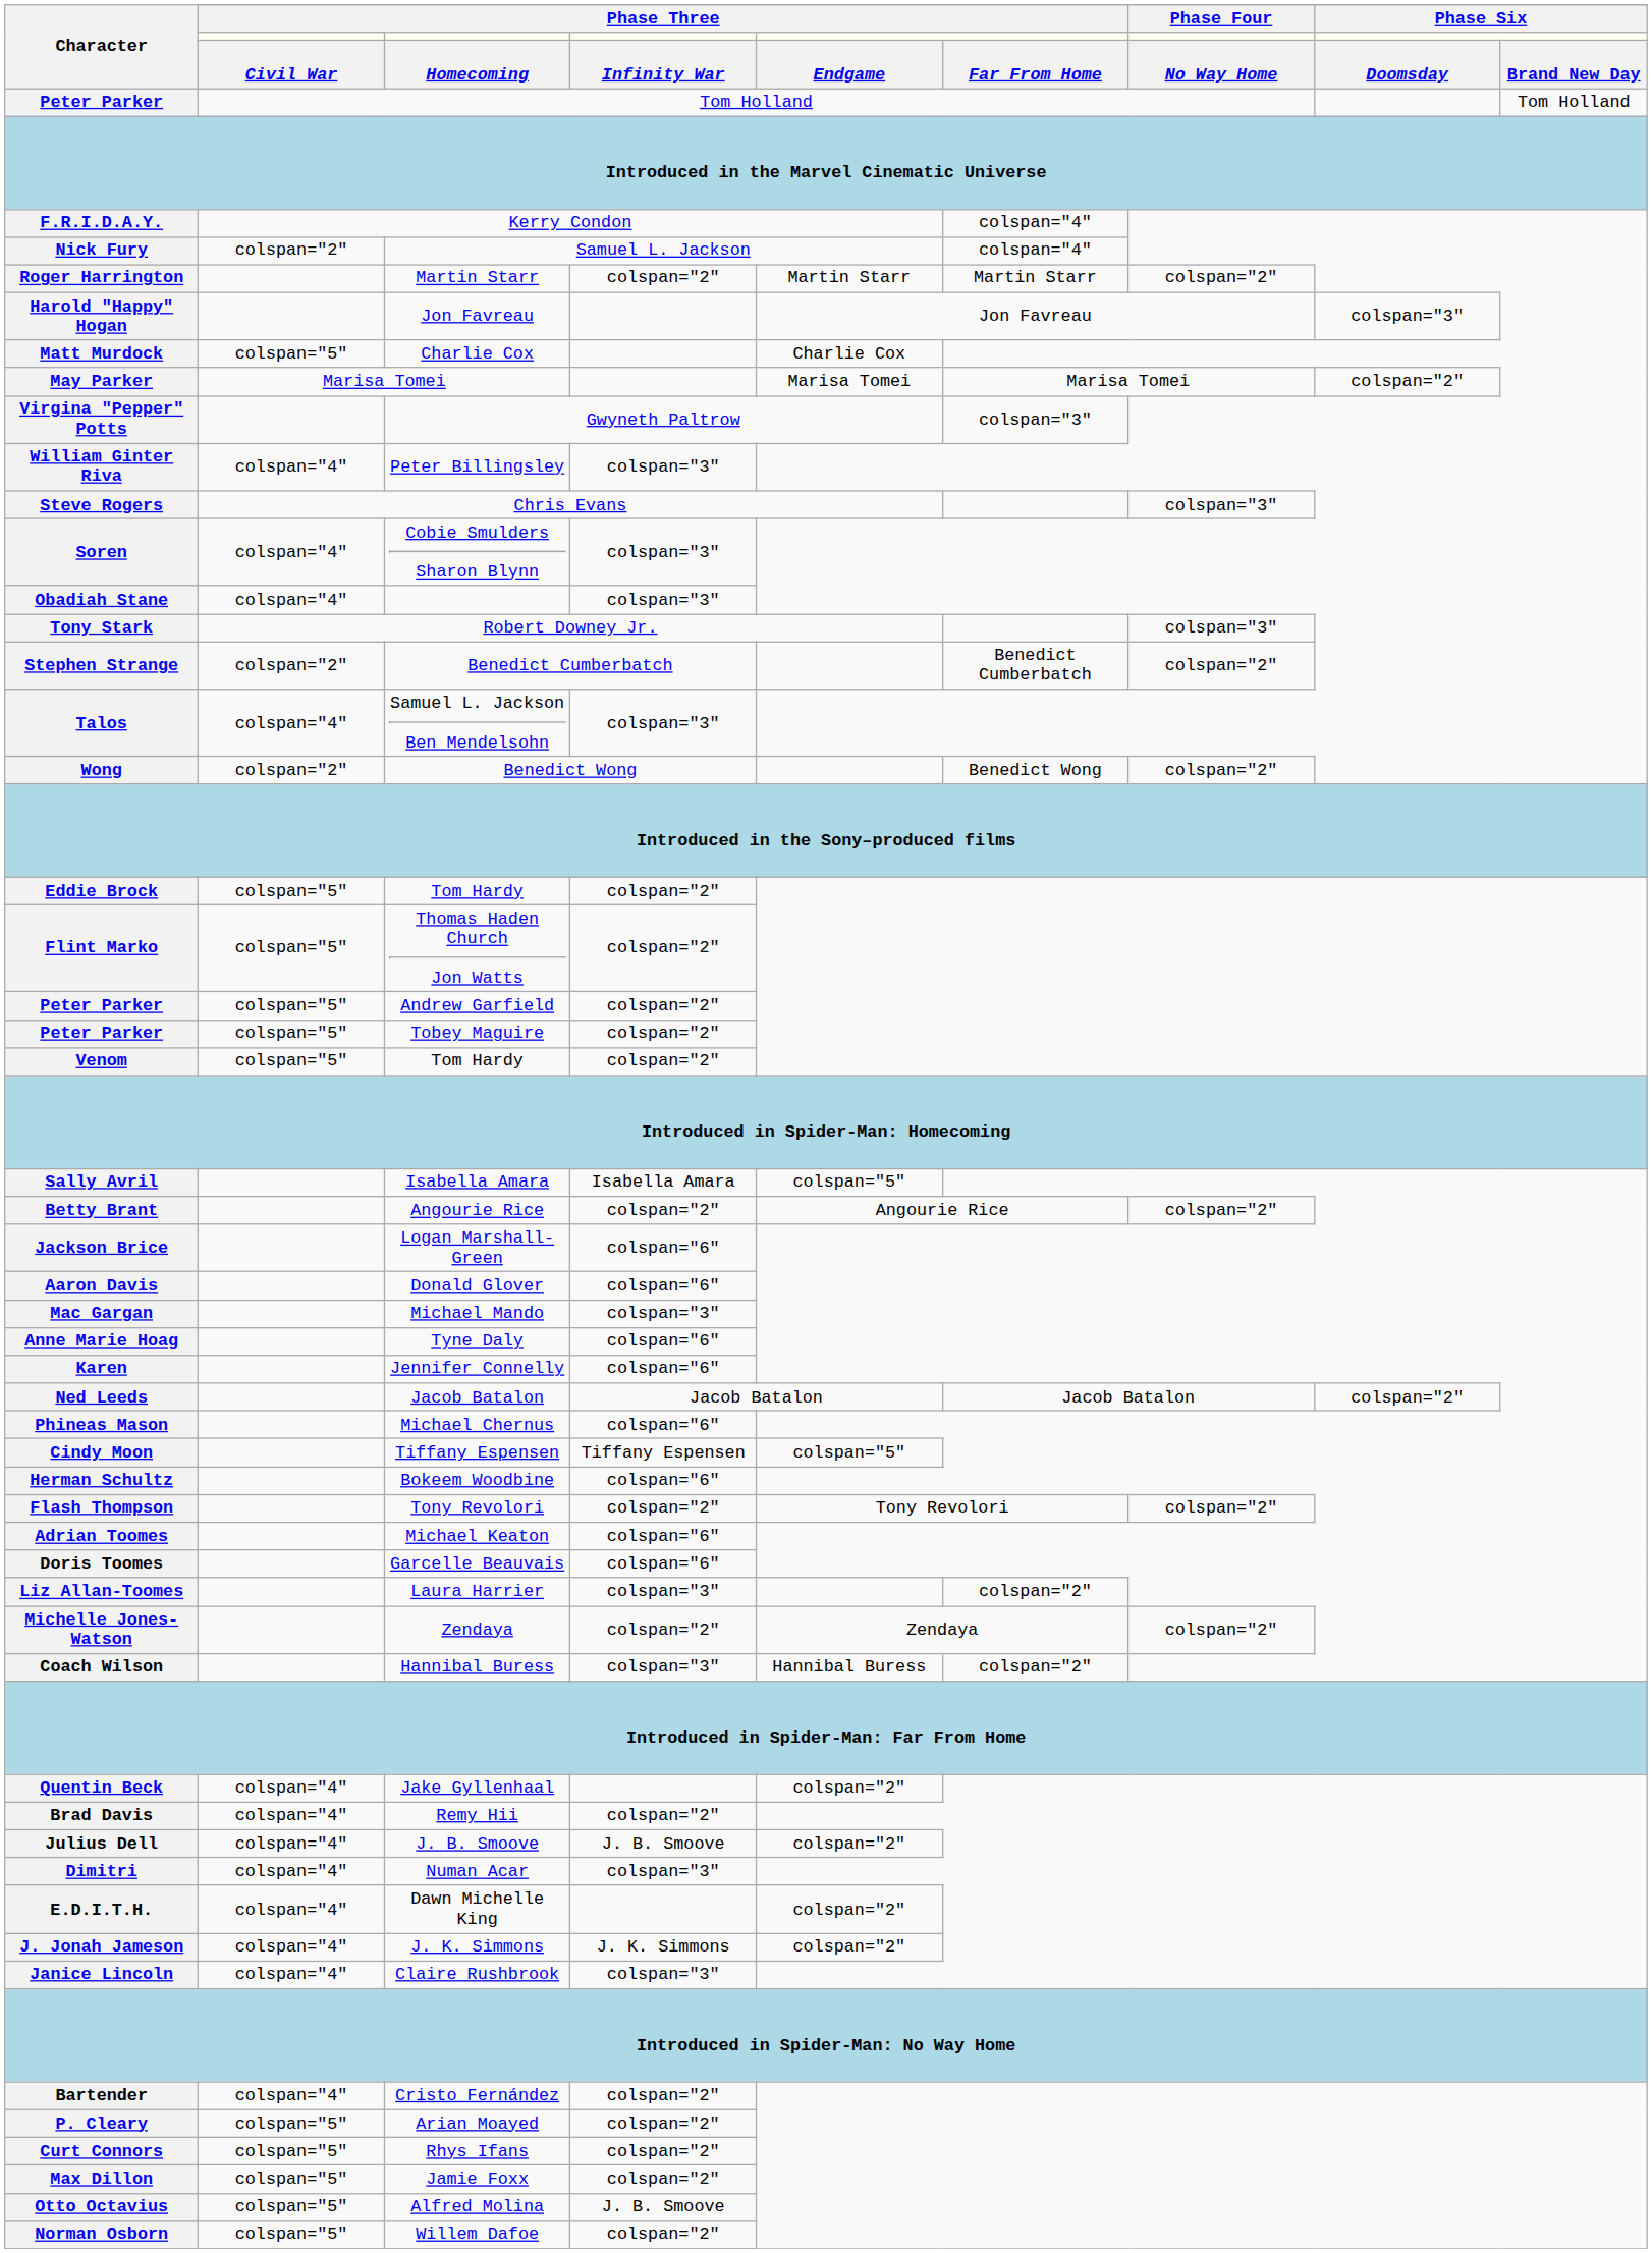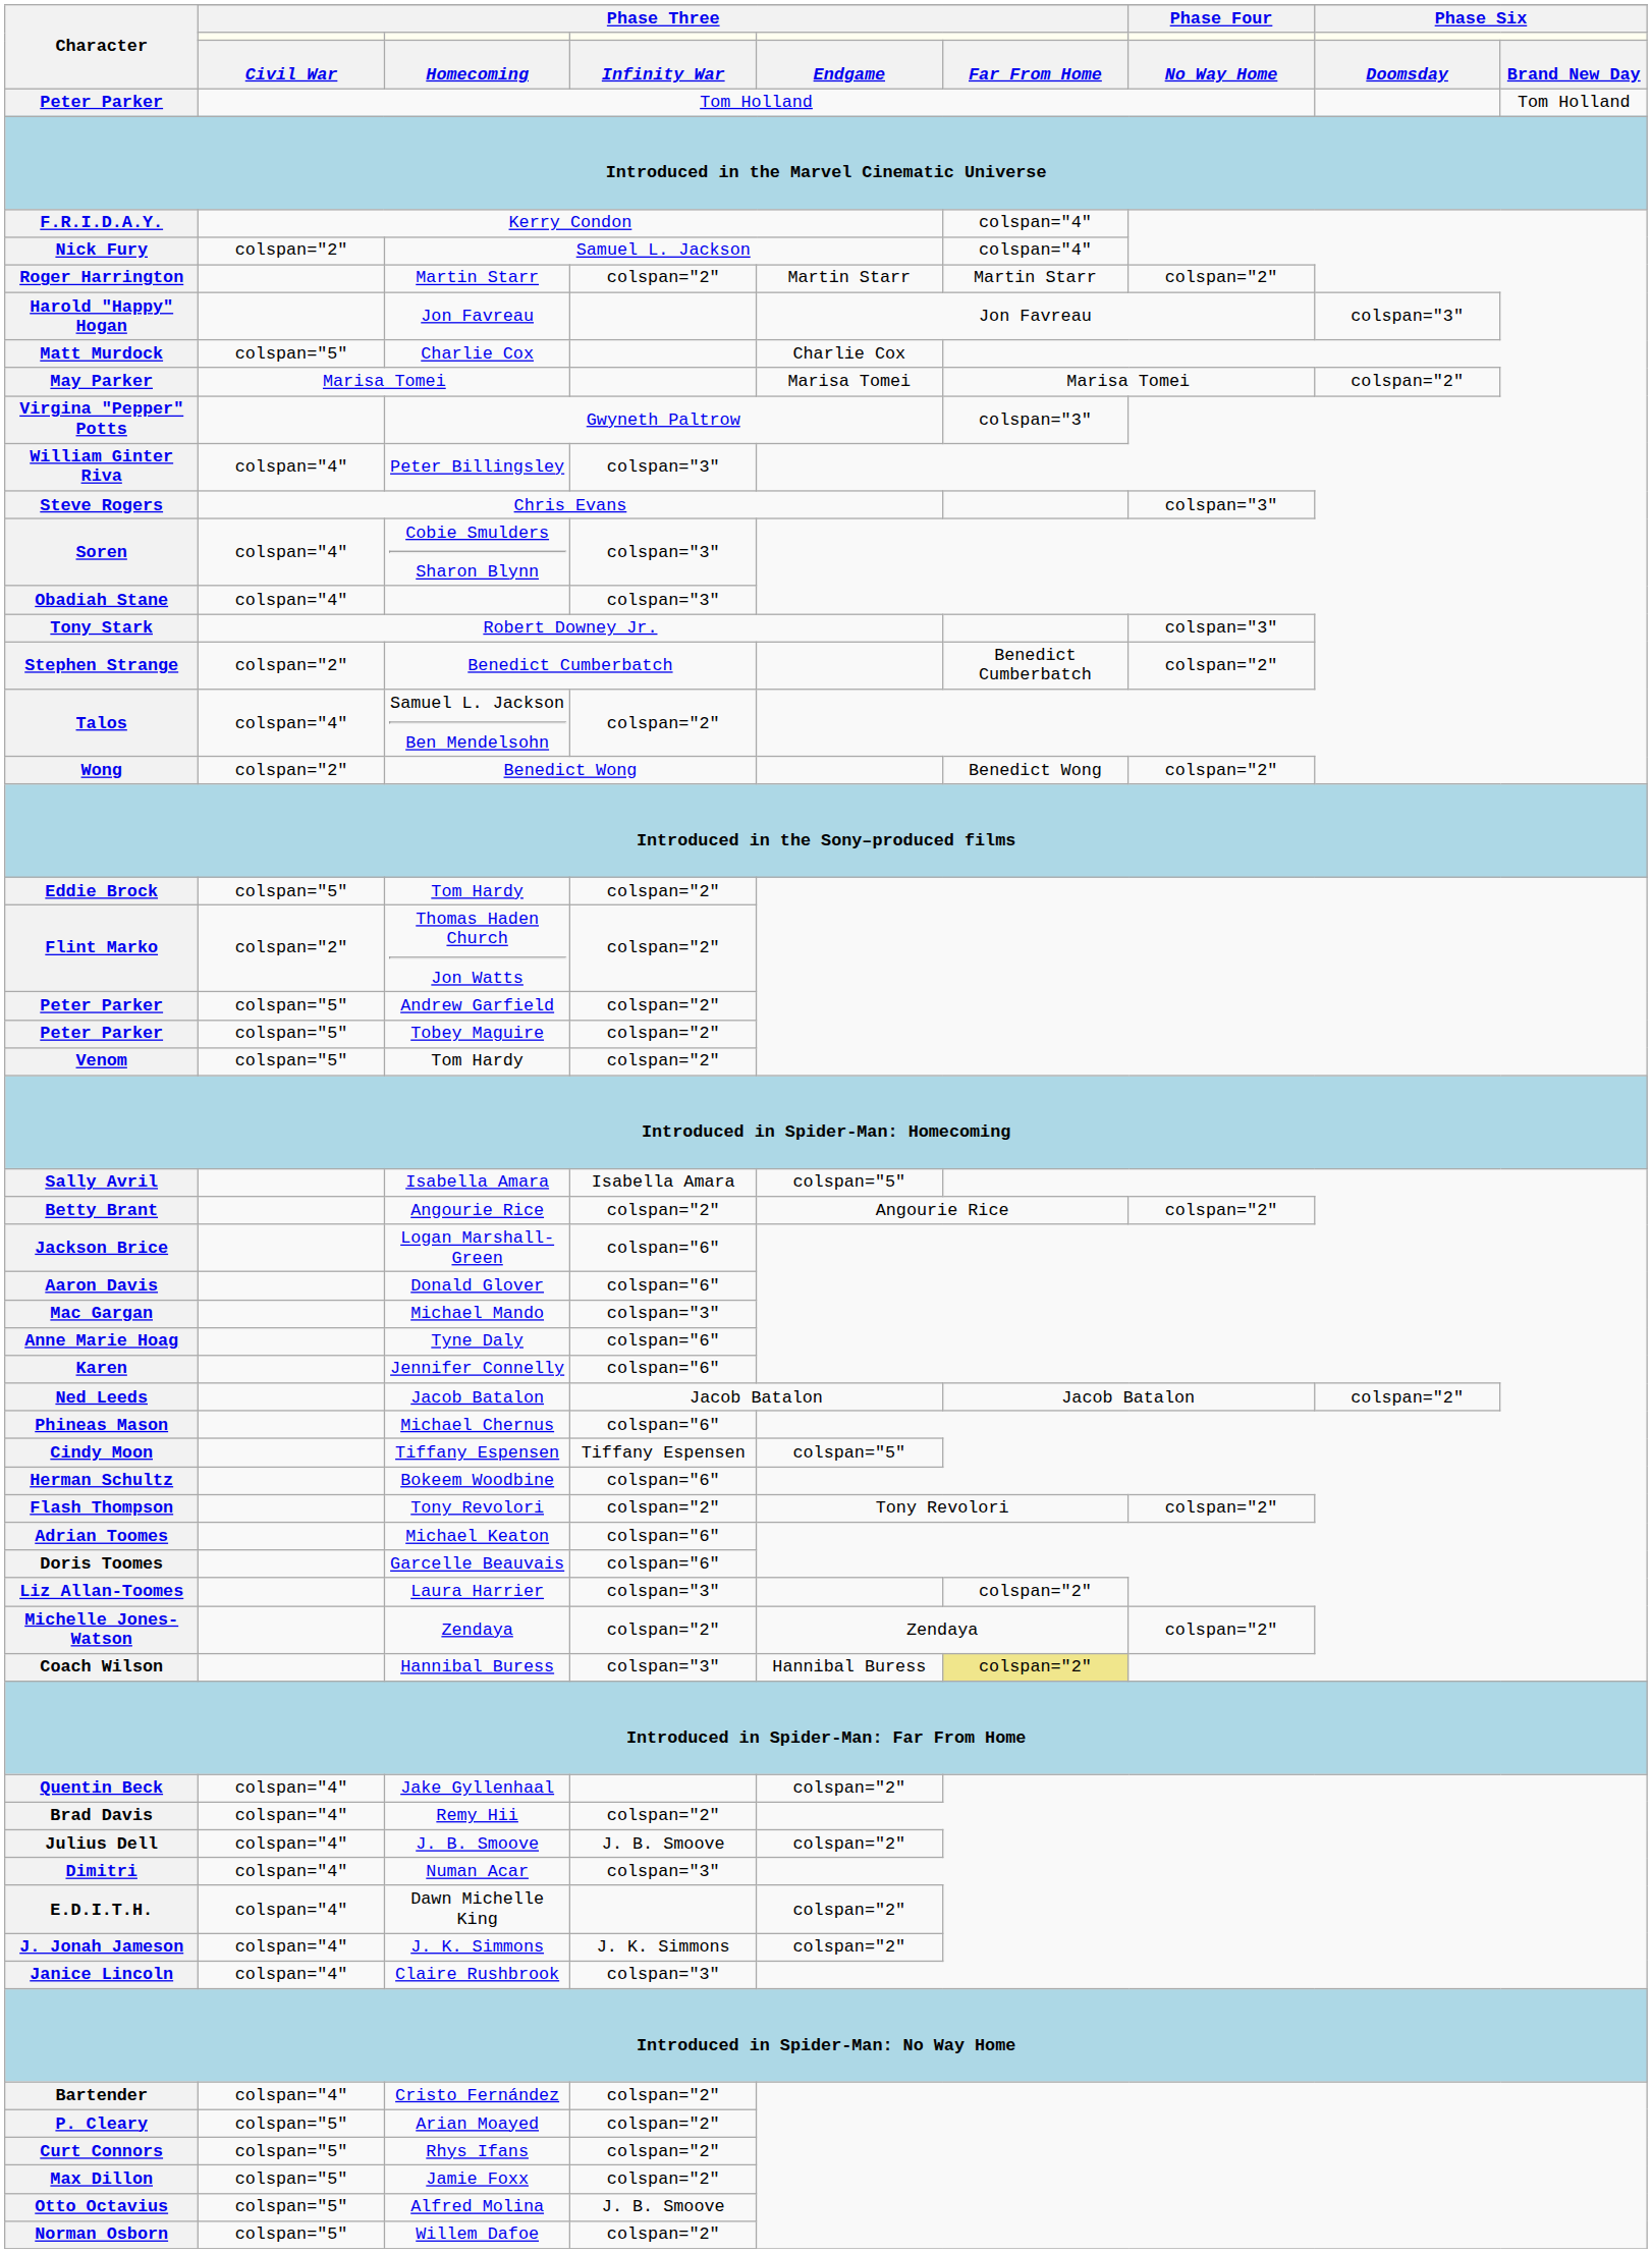 <table class="wikitable" style="text-align:center; width:99%;">
 <tr>
 <th rowspan="4" width="4.8%">Character</th>
 </tr>
 <tr>
 <th colspan="5" align="center"><a href='#'>Phase Three</a></th>
 <th colspan="1" align="center"><a href='#'>Phase Four</a></th>
 <th colspan="2" align="center"><a href='#'>Phase Six</a></th>
 </tr>
 <tr>
 <th style="background:ivory;"></th>
 <th style="background:ivory;"></th>
 <th style="background:ivory;"></th>
 <th colspan="2" style="background:ivory;"></th>
 <th style="background:ivory;"></th>
 <th colspan="2" style="background:ivory;"></th>
 </tr>
 <tr>
 <th align="center" width="5%"><a href='#'><em><br>Civil War</em></a></th>
 <th align="center" width="5%"><a href='#'><em><br>Homecoming</em></a></th>
 <th align="center" width="5%"><a href='#'><em><br>Infinity War</em></a></th>
 <th align="center" width="5%"><a href='#'><em><br>Endgame</em></a></th>
 <th align="center" width="5%"><a href='#'><em><br>Far From Home</em></a></th>
 <th align="center" width="5%"><a href='#'><em><br>No Way Home</em></a></th>
 <th align="center" width="5%"><a href='#'><em><br>Doomsday</em></a></th>
 <th align="center" width="5%"><a href='#'><em><br></em>Brand New Day<em></a></th>
 </tr>
 <tr>
 <th scope="row"><a href='#'>Peter Parker<br></a></th>
 <td colspan="6"><a href='#'>Tom Holland</a></td>
 <td></td>
 <td>Tom Holland</td>
 </tr>
 <tr>
 <th colspan="9" style="background:lightblue;"><br><h4>Introduced in the Marvel Cinematic Universe</h4></th>
 </tr>
 <tr>
 <th scope="row"><a href='#'>F.R.I.D.A.Y.</a></th>
 <td colspan="4"><a href='#'>Kerry Condon</a></td>
 <td>colspan="4" </td>
 </tr>
 <tr>
 <th scope="row"><a href='#'>Nick Fury</a></th>
 <td>colspan="2" </td>
 <td colspan="3"><a href='#'>Samuel L. Jackson</a></td>
 <td>colspan="4" </td>
 </tr>
 <tr>
 <th scope="row"><a href='#'>Roger Harrington</a></th>
 <td></td>
 <td><a href='#'>Martin Starr</a></td>
 <td>colspan="2" </td>
 <td>Martin Starr</td>
 <td>Martin Starr</td>
 <td>colspan="2" </td>
 </tr>
 <tr>
 <th scope="row"><a href='#'>Harold "Happy" Hogan</a></th>
 <td></td>
 <td><a href='#'>Jon Favreau</a></td>
 <td></td>
 <td colspan="3">Jon Favreau</td>
 <td>colspan="3" </td>
 </tr>
 <tr>
 <th scope="row"><a href='#'>Matt Murdock</a></th>
 <td>colspan="5" </td>
 <td><a href='#'>Charlie Cox</a></td>
 <td></td>
 <td>Charlie Cox</td>
 </tr>
 <tr>
 <th scope="row"><a href='#'>May Parker</a></th>
 <td colspan="2"><a href='#'>Marisa Tomei</a></td>
 <td></td>
 <td>Marisa Tomei</td>
 <td colspan="2">Marisa Tomei</td>
 <td>colspan="2" </td>
 </tr>
 <tr>
 <th scope="row"><a href='#'>Virgina "Pepper" Potts</a></th>
 <td></td>
 <td colspan="3"><a href='#'>Gwyneth Paltrow</a></td>
 <td>colspan="3" </td>
 </tr>
 <tr>
 <th scope="row"><a href='#'>William Ginter Riva</a></th>
 <td>colspan="4" </td>
 <td><a href='#'>Peter Billingsley</a></td>
 <td>colspan="3" </td>
 </tr>
 <tr>
 <th scope="row"><a href='#'>Steve Rogers<br></a></th>
 <td colspan="4"><a href='#'>Chris Evans</a></td>
 <td></td>
 <td>colspan="3" </td>
 </tr>
 <tr>
 <th scope="row"><a href='#'>Soren</a><br></th>
 <td>colspan="4" </td>
 <td><a href='#'>Cobie Smulders</a><hr><a href='#'>Sharon Blynn</a></td>
 <td>colspan="3" </td>
 </tr>
 <tr>
 <th scope="row"><a href='#'>Obadiah Stane</a></th>
 <td>colspan="4" </td>
 <td></td>
 <td>colspan="3" </td>
 </tr>
 <tr>
 <th scope="row"><a href='#'>Tony Stark<br></a></th>
 <td colspan="4"><a href='#'>Robert Downey Jr.</a></td>
 <td></td>
 <td>colspan="3" </td>
 </tr>
 <tr>
 <th scope="row"><a href='#'>Stephen Strange</a></th>
 <td>colspan="2" </td>
 <td colspan="2"><a href='#'>Benedict Cumberbatch</a></td>
 <td></td>
 <td>Benedict Cumberbatch</td>
 <td>colspan="2" </td>
 </tr>
 <tr>
 <th scope="row"><a href='#'>Talos<br></a></th>
 <td>colspan="4" </td>
 <td>Samuel L. Jackson<hr><a href='#'>Ben Mendelsohn</a></td>
-<td>colspan="3" </td>
+<td>colspan="2" </td>
 </tr>
 <tr>
 <th scope="row"><a href='#'>Wong</a></th>
 <td>colspan="2" </td>
 <td colspan="2"><a href='#'>Benedict Wong</a></td>
 <td></td>
 <td>Benedict Wong</td>
 <td>colspan="2" </td>
 </tr>
 <tr>
 <th colspan="9" style="background:lightblue;"><br><h4>Introduced in the Sony–produced films</h4></th>
 </tr>
 <tr>
 <th scope="row"><a href='#'>Eddie Brock</a></th>
 <td>colspan="5" </td>
 <td><a href='#'>Tom Hardy</a></td>
 <td>colspan="2" </td>
 </tr>
 <tr>
 <th scope="row"><a href='#'>Flint Marko<br></a></th>
-<td>colspan="5" </td>
+<td>colspan="2" </td>
 <td><a href='#'>Thomas Haden Church</a><hr><a href='#'>Jon Watts</a></td>
 <td>colspan="2" </td>
 </tr>
 <tr>
 <th scope="row"><a href='#'>Peter Parker<br></a></th>
 <td>colspan="5" </td>
 <td><a href='#'>Andrew Garfield</a></td>
 <td>colspan="2" </td>
 </tr>
 <tr>
 <th scope="row"><a href='#'>Peter Parker<br></a></th>
 <td>colspan="5" </td>
 <td><a href='#'>Tobey Maguire</a></td>
 <td>colspan="2" </td>
 </tr>
 <tr>
 <th scope="row"><a href='#'>Venom</a></th>
 <td>colspan="5" </td>
 <td>Tom Hardy</td>
 <td>colspan="2" </td>
 </tr>
 <tr>
 <th colspan="9" style="background:lightblue;"><br><h4>Introduced in </em>Spider-Man: Homecoming<em></h4></th>
 </tr>
 <tr>
 <th><a href='#'>Sally Avril</a></th>
 <td></td>
 <td><a href='#'>Isabella Amara</a></td>
 <td>Isabella Amara</td>
 <td>colspan="5" </td>
 </tr>
 <tr>
 <th><a href='#'>Betty Brant</a></th>
 <td></td>
 <td><a href='#'>Angourie Rice</a></td>
 <td>colspan="2" </td>
 <td colspan="2">Angourie Rice</td>
 <td>colspan="2" </td>
 </tr>
 <tr>
 <th><a href='#'>Jackson Brice<br></a></th>
 <td></td>
 <td><a href='#'>Logan Marshall-Green</a></td>
 <td>colspan="6" </td>
 </tr>
 <tr>
 <th scope="row"><a href='#'>Aaron Davis</a></th>
 <td></td>
 <td><a href='#'>Donald Glover</a></td>
 <td>colspan="6" </td>
 </tr>
 <tr>
 <th scope="row"><a href='#'>Mac Gargan</a></th>
 <td></td>
 <td><a href='#'>Michael Mando</a></td>
 <td>colspan="3" </td>
 </tr>
 <tr>
 <th scope="row"><a href='#'>Anne Marie Hoag</a></th>
 <td></td>
 <td><a href='#'>Tyne Daly</a></td>
 <td>colspan="6" </td>
 </tr>
 <tr>
 <th scope="row"><a href='#'>Karen</a></th>
 <td></td>
 <td><a href='#'>Jennifer Connelly</a></td>
 <td>colspan="6" </td>
 </tr>
 <tr>
 <th scope="row"><a href='#'>Ned Leeds</a></th>
 <td></td>
 <td><a href='#'>Jacob Batalon</a></td>
 <td colspan="2">Jacob Batalon</td>
 <td colspan="2">Jacob Batalon</td>
 <td>colspan="2" </td>
 </tr>
 <tr>
 <th scope="row"><a href='#'>Phineas Mason</a></th>
 <td></td>
 <td><a href='#'>Michael Chernus</a></td>
 <td>colspan="6" </td>
 </tr>
 <tr>
 <th scope="row"><a href='#'>Cindy Moon</a></th>
 <td></td>
 <td><a href='#'>Tiffany Espensen</a></td>
 <td>Tiffany Espensen</td>
 <td>colspan="5" </td>
 </tr>
 <tr>
 <th scope="row"><a href='#'>Herman Schultz<br></a></th>
 <td></td>
 <td><a href='#'>Bokeem Woodbine</a></td>
 <td>colspan="6" </td>
 </tr>
 <tr>
 <th scope="row"><a href='#'>Flash Thompson</a></th>
 <td></td>
 <td><a href='#'>Tony Revolori</a></td>
 <td>colspan="2" </td>
 <td colspan="2">Tony Revolori</td>
 <td>colspan="2" </td>
 </tr>
 <tr>
 <th scope="row"><a href='#'>Adrian Toomes<br></a></th>
 <td></td>
 <td><a href='#'>Michael Keaton</a></td>
 <td>colspan="6" </td>
 </tr>
 <tr>
 <th scope="row">Doris Toomes</th>
 <td></td>
 <td><a href='#'>Garcelle Beauvais</a></td>
 <td>colspan="6" </td>
 </tr>
 <tr>
 <th scope="row"><a href='#'>Liz Allan-Toomes</a></th>
 <td></td>
 <td><a href='#'>Laura Harrier</a></td>
 <td>colspan="3" </td>
 <td></td>
 <td>colspan="2" </td>
 </tr>
 <tr>
 <th scope="row"><a href='#'>Michelle Jones-Watson</a></th>
 <td></td>
 <td><a href='#'>Zendaya</a></td>
 <td>colspan="2" </td>
 <td colspan="2">Zendaya</td>
 <td>colspan="2" </td>
 </tr>
 <tr>
 <th scope="row">Coach Wilson</th>
 <td></td>
 <td><a href='#'>Hannibal Buress</a></td>
 <td>colspan="3" </td>
 <td>Hannibal Buress</td>
-<td>colspan="2" </td>
+<td style="background: khaki;">colspan="2" </td>
 </tr>
 <tr>
 <th colspan="9" style="background:lightblue;"><br><h4>Introduced in </em>Spider-Man: Far From Home<em></h4></th>
 </tr>
 <tr>
 <th scope="row"><a href='#'>Quentin Beck<br></a></th>
 <td>colspan="4" </td>
 <td><a href='#'>Jake Gyllenhaal</a></td>
 <td></td>
 <td>colspan="2" </td>
 </tr>
 <tr>
 <th scope="row">Brad Davis</th>
 <td>colspan="4" </td>
 <td><a href='#'>Remy Hii</a></td>
 <td>colspan="2" </td>
 </tr>
 <tr>
 <th scope="row">Julius Dell</th>
 <td>colspan="4" </td>
 <td><a href='#'>J. B. Smoove</a></td>
 <td>J. B. Smoove</td>
 <td>colspan="2" </td>
 </tr>
 <tr>
 <th scope="row"><a href='#'>Dimitri</a></th>
 <td>colspan="4" </td>
 <td><a href='#'>Numan Acar</a></td>
 <td>colspan="3" </td>
 </tr>
 <tr>
 <th scope="row">E.D.I.T.H.</th>
 <td>colspan="4" </td>
 <td>Dawn Michelle King</td>
 <td></td>
 <td>colspan="2" </td>
 </tr>
 <tr>
 <th scope="row"><a href='#'>J. Jonah Jameson</a></th>
 <td>colspan="4" </td>
 <td><a href='#'>J. K. Simmons</a></td>
 <td>J. K. Simmons</td>
 <td>colspan="2" </td>
 </tr>
 <tr>
 <th scope="row"><a href='#'>Janice Lincoln</a></th>
 <td>colspan="4" </td>
 <td><a href='#'>Claire Rushbrook</a></td>
 <td>colspan="3" </td>
 </tr>
 <tr>
 <th colspan="9" style="background:lightblue;"><br><h4>Introduced in </em>Spider-Man: No Way Home<em></h4></th>
 </tr>
 <tr>
 <th scope="row">Bartender</th>
 <td>colspan="4" </td>
 <td><a href='#'>Cristo Fernández</a></td>
 <td>colspan="2" </td>
 </tr>
 <tr>
 <th scope="row"><a href='#'>P. Cleary</a></th>
 <td>colspan="5" </td>
 <td><a href='#'>Arian Moayed</a></td>
 <td>colspan="2" </td>
 </tr>
 <tr>
 <th scope="row"><a href='#'>Curt Connors<br></a></th>
 <td>colspan="5" </td>
 <td><a href='#'>Rhys Ifans</a></td>
 <td>colspan="2" </td>
 </tr>
 <tr>
 <th scope="row"><a href='#'>Max Dillon<br></a></th>
 <td>colspan="5" </td>
 <td><a href='#'>Jamie Foxx</a></td>
 <td>colspan="2" </td>
 </tr>
 <tr>
 <th scope="row"><a href='#'>Otto Octavius<br></a></th>
 <td>colspan="5" </td>
 <td><a href='#'>Alfred Molina</a></td>
 <td>J. B. Smoove</td>
 </tr>
 <tr>
 <th scope="row"><a href='#'>Norman Osborn<br></a></th>
 <td>colspan="5" </td>
 <td><a href='#'>Willem Dafoe</a></td>
 <td>colspan="2" </td>
 </tr>
 <tr>
 </tr>
 </table>
